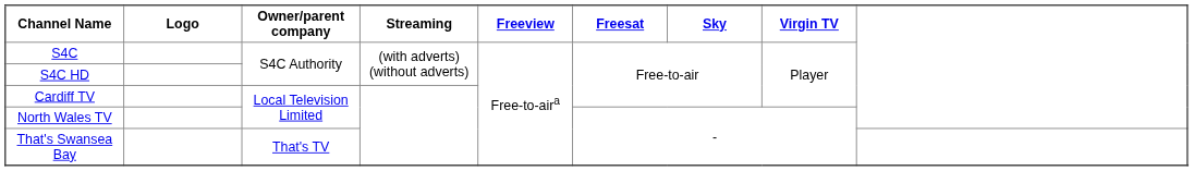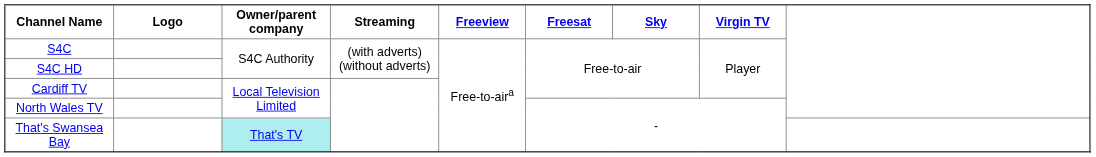 <table class="toccolours sortable" border="2" cellpadding="3" style="border-collapse:collapse; font-size:90%; text-align:center; width:100%;">
 <tr>
 <th style="width:10%;">Channel Name</th>
 <th style="width:10%;">Logo</th>
 <th style="width:10%;">Owner/parent company</th>
 <th style="width:10%;">Streaming</th>
 <th style="width:8%;"><a href='#'>Freeview</a></th>
 <th style="width:8%;"><a href='#'>Freesat</a></th>
 <th style="width:8%;"><a href='#'>Sky</a></th>
 <th style="width:8%;"><a href='#'>Virgin TV</a></th>
 </tr>
 <tr>
 <td><a href='#'>S4C</a></td>
 <td></td>
 <td rowspan="2">S4C Authority</td>
 <td rowspan="2"> (with adverts)<br> (without adverts)</td>
 <td rowspan="5">Free-to-air<sup>a</sup></td>
 <td colspan="2" rowspan="3">Free-to-air</td>
 <td rowspan="3">Player</td>
 </tr>
 <tr>
 <td><a href='#'>S4C HD</a></td>
 <td></td>
 </tr>
 <tr>
 <td><a href='#'>Cardiff TV</a></td>
 <td></td>
 <td rowspan="2"><a href='#'>Local Television Limited</a></td>
 <td rowspan="3"></td>
 </tr>
 <tr>
 <td><a href='#'>North Wales TV</a></td>
 <td></td>
 <td colspan="3" rowspan="2">-</td>
 </tr>
 <tr>
 <td><a href='#'>That's Swansea Bay</a></td>
 <td></td>
-<td><a href='#'>That's TV</a></td>
+<td style="background: paleturquoise;"><a href='#'>That's TV</a></td>
 <td></td>
 </tr>
 </table>
